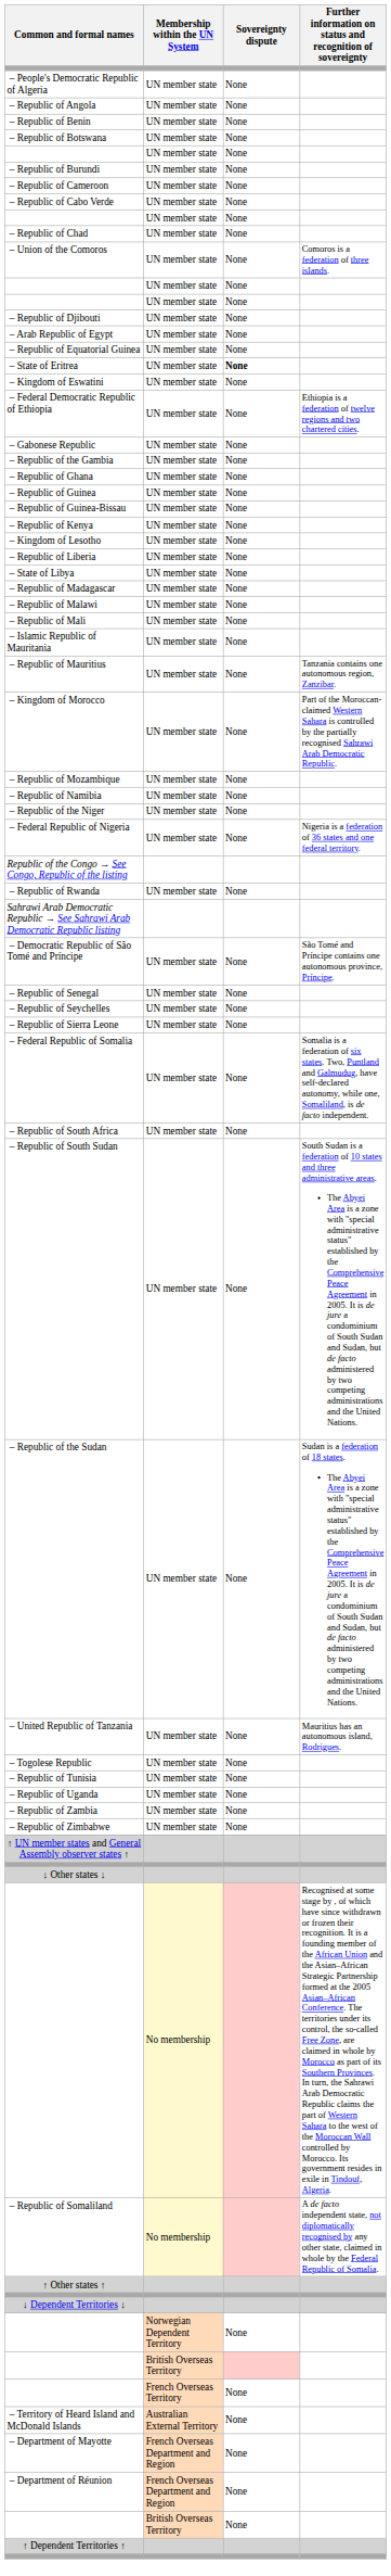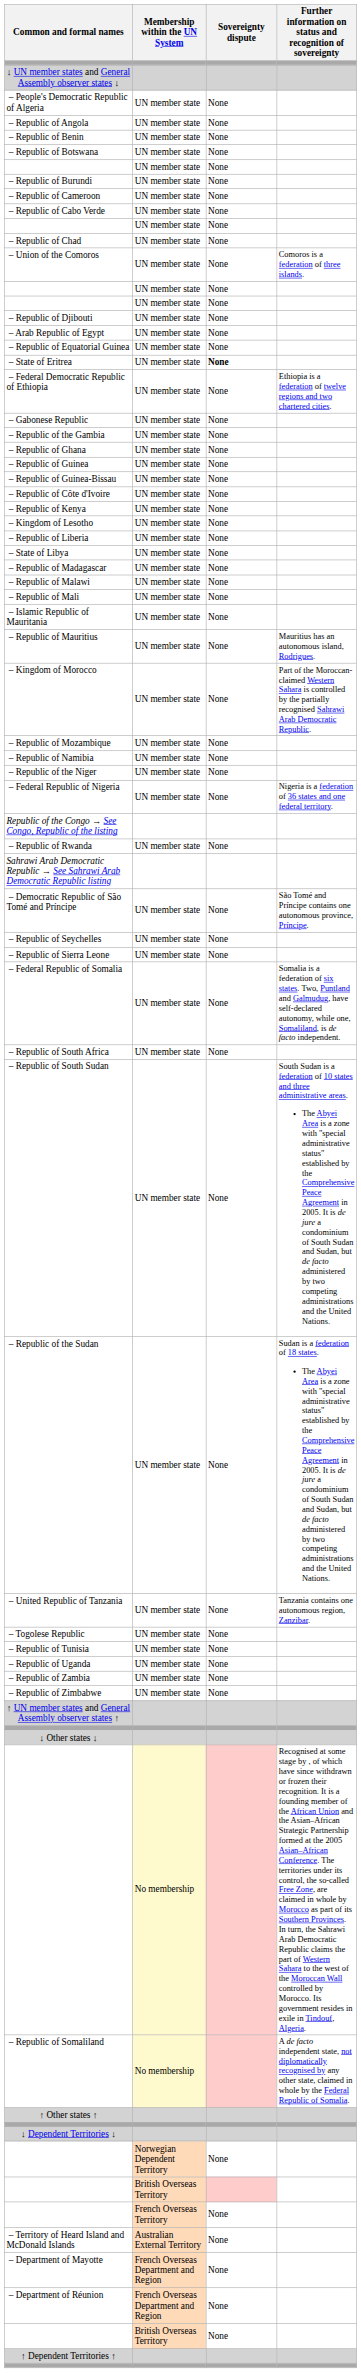 <table class="sortable wikitable" style="background:white;text-align:left;">
 <tr>
 <th style="width:325pt">Common and formal names</th>
 <th style="width:130pt;">Membership within the <a href='#'>UN System</a></th>
 <th style="width:130pt;">Sovereignty dispute</th>
 <th class="unsortable">Further information on status and recognition of sovereignty</th>
 </tr>
 <tr style="background:Darkgrey;">
 <td style="text-align:center;"></td>
 <td></td>
 <td></td>
 <td></td>
+</tr>
+<tr style="background:Lightgrey;">
+<td style="text-align:center;">↓ <a href='#'>UN member states</a> and <a href='#'>General Assembly observer states</a> ↓</td>
+<td></td>
+<td></td>
+<td><br></td>
 </tr>
 <tr>
 <td style="vertical-align:top;"><strong></strong> – People's Democratic Republic of Algeria</td>
 <td>UN member state</td>
 <td>None</td>
 <td style="vertical-align:top;text-align:left;font-size:90%;"></td>
 </tr>
 <tr>
 <td style="vertical-align:top;"><strong></strong> – Republic of Angola</td>
 <td>UN member state</td>
 <td>None</td>
 <td style="vertical-align:top;text-align:left;font-size:90%;"></td>
 </tr>
 <tr>
 <td style="vertical-align:top;"><strong></strong> – Republic of Benin</td>
 <td>UN member state</td>
 <td>None</td>
 <td style="vertical-align:top;text-align:left;font-size:90%;"></td>
 </tr>
 <tr>
 <td style="vertical-align:top;"><strong></strong> – Republic of Botswana</td>
 <td>UN member state</td>
 <td>None</td>
 <td style="vertical-align:top;text-align:left;font-size:90%;"></td>
 </tr>
 <tr>
 <td style="vertical-align:top;"><strong></strong></td>
 <td>UN member state</td>
 <td>None</td>
 <td style="vertical-align:top;text-align:left;font-size:90%;"></td>
 </tr>
 <tr>
 <td style="vertical-align:top;"><strong></strong> – Republic of Burundi</td>
 <td>UN member state</td>
 <td>None</td>
 <td style="vertical-align:top;text-align:left;font-size:90%;"></td>
 </tr>
 <tr>
 <td style="vertical-align:top;"><strong></strong> – Republic of Cameroon</td>
 <td>UN member state</td>
 <td>None</td>
 <td style="vertical-align:top;text-align:left;font-size:90%;"></td>
 </tr>
 <tr>
 <td style="vertical-align:top;"><strong></strong> – Republic of Cabo Verde</td>
 <td>UN member state</td>
 <td>None</td>
 <td style="vertical-align:top;text-align:left;font-size:90%;"></td>
 </tr>
 <tr>
 <td style="vertical-align:top;"><strong></strong></td>
 <td>UN member state</td>
 <td>None</td>
 <td style="vertical-align:top;text-align:left;font-size:90%;"></td>
 </tr>
 <tr>
 <td style="vertical-align:top;"><strong></strong> – Republic of Chad</td>
 <td>UN member state</td>
 <td>None</td>
 <td style="vertical-align:top;text-align:left;font-size:90%;"></td>
 </tr>
 <tr>
 <td style="vertical-align:top;"><strong></strong> – Union of the Comoros</td>
 <td>UN member state</td>
 <td>None</td>
 <td style="vertical-align:top;text-align:left;font-size:90%;">Comoros is a <a href='#'>federation</a> of <a href='#'>three islands</a>.</td>
 </tr>
 <tr>
 <td style="vertical-align:top;"><strong></strong></td>
 <td>UN member state</td>
 <td>None</td>
 <td style="vertical-align:top;text-align:left;font-size:90%;"></td>
 </tr>
 <tr>
 <td style="vertical-align:top;"><strong></strong></td>
 <td>UN member state</td>
 <td>None</td>
 <td style="vertical-align:top;text-align:left;font-size:90%;"></td>
 </tr>
 <tr>
 <td style="vertical-align:top;"><strong></strong> – Republic of Djibouti</td>
 <td>UN member state</td>
 <td>None</td>
 <td style="vertical-align:top;text-align:left;font-size:90%;"></td>
 </tr>
 <tr>
 <td style="vertical-align:top;"><strong></strong> – Arab Republic of Egypt</td>
 <td>UN member state</td>
 <td>None</td>
 <td style="vertical-align:top;text-align:left;font-size:90%;"></td>
 </tr>
 <tr>
 <td style="vertical-align:top;"><strong></strong> – Republic of Equatorial Guinea</td>
 <td>UN member state</td>
 <td>None</td>
 <td style="vertical-align:top;text-align:left;font-size:90%;"></td>
 </tr>
 <tr>
 <td style="vertical-align:top;"><strong></strong> – State of Eritrea</td>
 <td>UN member state</td>
 <td><strong>None</strong></td>
 <td style="vertical-align:top;text-align:left;font-size:90%;"></td>
 </tr>
 <tr>
-<td style="vertical-align:top;"><strong></strong> – Kingdom of Eswatini</td>
-<td>UN member state</td>
-<td>None</td>
-<td style="vertical-align:top;text-align:left;font-size:90%;"></td>
-</tr>
-<tr>
 <td style="vertical-align:top;"><strong></strong> – Federal Democratic Republic of Ethiopia</td>
 <td>UN member state</td>
 <td>None</td>
 <td style="vertical-align:top;text-align:left;font-size:90%;">Ethiopia is a <a href='#'>federation</a> of <a href='#'>twelve regions and two chartered cities</a>.<br></td>
 </tr>
 <tr>
 <td style="vertical-align:top;"><strong></strong> – Gabonese Republic</td>
 <td>UN member state</td>
 <td>None</td>
 <td style="vertical-align:top;text-align:left;font-size:90%;"></td>
 </tr>
 <tr>
 <td style="vertical-align:top;"> <strong></strong> – Republic of the Gambia</td>
 <td>UN member state</td>
 <td>None</td>
 <td style="vertical-align:top;text-align:left;font-size:90%;"></td>
 </tr>
 <tr>
 <td style="vertical-align:top;"><strong></strong> – Republic of Ghana</td>
 <td>UN member state</td>
 <td>None</td>
 <td style="vertical-align:top;text-align:left;font-size:90%;"></td>
 </tr>
 <tr>
 <td style="vertical-align:top;"><strong></strong> – Republic of Guinea</td>
 <td>UN member state</td>
 <td>None</td>
 <td style="vertical-align:top;text-align:left;font-size:90%;"></td>
 </tr>
 <tr>
 <td style="vertical-align:top;"><strong></strong> – Republic of Guinea-Bissau</td>
+<td>UN member state</td>
+<td>None</td>
+<td style="vertical-align:top;text-align:left;font-size:90%;"></td>
+</tr>
+<tr>
+<td style="vertical-align:top;"><strong></strong> – Republic of Côte d'Ivoire</td>
 <td>UN member state</td>
 <td>None</td>
 <td style="vertical-align:top;text-align:left;font-size:90%;"></td>
 </tr>
 <tr>
 <td style="vertical-align:top;"><strong></strong> – Republic of Kenya</td>
 <td>UN member state</td>
 <td>None</td>
 <td style="vertical-align:top;text-align:left;font-size:90%;"></td>
 </tr>
 <tr>
 <td style="vertical-align:top;"><strong></strong> – Kingdom of Lesotho</td>
 <td>UN member state</td>
 <td>None</td>
 <td style="vertical-align:top;text-align:left;font-size:90%;"></td>
 </tr>
 <tr>
 <td style="vertical-align:top;"><strong></strong> – Republic of Liberia</td>
 <td>UN member state</td>
 <td>None</td>
 <td style="vertical-align:top;text-align:left;font-size:90%;"></td>
 </tr>
 <tr>
 <td style="vertical-align:top;"><strong></strong> – State of Libya</td>
 <td>UN member state</td>
 <td>None</td>
 <td style="vertical-align:top;text-align:left;font-size:90%;"></td>
 </tr>
 <tr>
 <td style="vertical-align:top;"><strong></strong> – Republic of Madagascar</td>
 <td>UN member state</td>
 <td>None</td>
 <td style="vertical-align:top;text-align:left;font-size:90%;"></td>
 </tr>
 <tr>
 <td style="vertical-align:top;"><strong></strong> – Republic of Malawi</td>
 <td>UN member state</td>
 <td>None</td>
 <td style="vertical-align:top;text-align:left;font-size:90%;"></td>
 </tr>
 <tr>
 <td style="vertical-align:top;"><strong></strong> – Republic of Mali</td>
 <td>UN member state</td>
 <td>None</td>
 <td style="vertical-align:top;text-align:left;font-size:90%;"></td>
 </tr>
 <tr>
 <td style="vertical-align:top;"><strong></strong> – Islamic Republic of Mauritania</td>
 <td>UN member state</td>
 <td>None</td>
 <td style="vertical-align:top;text-align:left;font-size:90%;"></td>
 </tr>
 <tr>
 <td style="vertical-align:top;"><strong></strong> – Republic of Mauritius</td>
 <td>UN member state</td>
 <td>None</td>
-<td style="vertical-align:top;text-align:left;font-size:90%;">Tanzania contains one autonomous region, <a href='#'>Zanzibar</a>.</td>
+<td style="vertical-align:top;text-align:left;font-size:90%;">Mauritius has an autonomous island, <a href='#'>Rodrigues</a>.</td>
 </tr>
 <tr>
 <td style="vertical-align:top;"><strong></strong> – Kingdom of Morocco</td>
 <td>UN member state</td>
 <td>None</td>
 <td style="vertical-align:top;text-align:left;font-size:90%;">Part of the Moroccan-claimed <a href='#'>Western Sahara</a> is controlled by the partially recognised <a href='#'>Sahrawi Arab Democratic Republic</a>.</td>
 </tr>
 <tr>
 <td style="vertical-align:top;"><strong></strong> – Republic of Mozambique</td>
 <td>UN member state</td>
 <td>None</td>
 <td style="vertical-align:top;text-align:left;font-size:90%;"></td>
 </tr>
 <tr>
 <td style="vertical-align:top;"><strong></strong> – Republic of Namibia</td>
 <td>UN member state</td>
 <td>None</td>
 <td style="vertical-align:top;text-align:left;font-size:90%;"></td>
 </tr>
 <tr>
 <td style="vertical-align:top;"><strong></strong> – Republic of the Niger</td>
 <td>UN member state</td>
 <td>None</td>
 <td style="vertical-align:top;text-align:left;font-size:90%;"></td>
 </tr>
 <tr>
 <td style="vertical-align:top;"><strong></strong> – Federal Republic of Nigeria</td>
 <td>UN member state</td>
 <td>None</td>
 <td style="vertical-align:top;text-align:left;font-size:90%;">Nigeria is a <a href='#'>federation</a> of <a href='#'>36 states and one federal territory</a>.</td>
 </tr>
 <tr>
 <td style="vertical-align:top;"><em>Republic of the Congo → <a href='#'>See Congo, Republic of the listing</a></em></td>
 <td></td>
 <td></td>
 <td style="vertical-align:top;text-align:left;font-size:90%;"></td>
 </tr>
 <tr>
 <td style="vertical-align:top;"><strong></strong> – Republic of Rwanda</td>
 <td>UN member state</td>
 <td>None</td>
 <td style="vertical-align:top;text-align:left;font-size:90%;"></td>
 </tr>
 <tr>
 <td style="vertical-align:top;"><em>Sahrawi Arab Democratic Republic → <a href='#'>See Sahrawi Arab Democratic Republic listing</a></em></td>
 <td></td>
 <td></td>
 <td style="vertical-align:top;text-align:left;font-size:90%;"></td>
 </tr>
 <tr>
 <td style="vertical-align:top;"><strong></strong> – Democratic Republic of São Tomé and Príncipe</td>
 <td>UN member state</td>
 <td>None</td>
 <td style="vertical-align:top;text-align:left;font-size:90%;">São Tomé and Príncipe contains one autonomous province, <a href='#'>Príncipe</a>.<br> </td>
 </tr>
 <tr>
-<td style="vertical-align:top;"><strong></strong> – Republic of Senegal</td>
-<td>UN member state</td>
-<td>None</td>
-<td style="vertical-align:top;text-align:left;font-size:90%;"></td>
-</tr>
-<tr>
 <td style="vertical-align:top;"><strong></strong> – Republic of Seychelles</td>
 <td>UN member state</td>
 <td>None</td>
 <td style="vertical-align:top;text-align:left;font-size:90%;"></td>
 </tr>
 <tr>
 <td style="vertical-align:top;"><strong></strong> – Republic of Sierra Leone</td>
 <td>UN member state</td>
 <td>None</td>
 <td style="vertical-align:top;text-align:left;font-size:90%;"></td>
 </tr>
 <tr>
 <td style="vertical-align:top;"><strong></strong> – Federal Republic of Somalia</td>
 <td>UN member state</td>
 <td>None</td>
 <td style="vertical-align:top;text-align:left;font-size:90%;">Somalia is a federation of <a href='#'>six states</a>. Two, <a href='#'>Puntland</a> and <a href='#'>Galmudug</a>, have self-declared autonomy, while one, <a href='#'>Somaliland</a>, is <em>de facto</em> independent.</td>
 </tr>
 <tr>
 <td style="vertical-align:top;"><strong></strong> – Republic of South Africa</td>
 <td>UN member state</td>
 <td>None</td>
 <td style="vertical-align:top;text-align:left;font-size:90%;"></td>
 </tr>
 <tr>
 <td style="vertical-align:top;"><strong></strong> – Republic of South Sudan</td>
 <td>UN member state</td>
 <td>None</td>
 <td style="vertical-align:top;text-align:left;font-size:90%;">South Sudan is a <a href='#'>federation</a> of <a href='#'>10 states and three administrative areas</a>.<br><ul><li>The <a href='#'>Abyei Area</a> is a zone with "special administrative status" established by the <a href='#'>Comprehensive Peace Agreement</a> in 2005. It is <em>de jure</em> a condominium of South Sudan and Sudan, but <em>de facto</em> administered by two competing administrations and the United Nations.</li></ul></td>
 </tr>
 <tr>
 <td style="vertical-align:top;"><strong></strong> – Republic of the Sudan</td>
 <td>UN member state</td>
 <td>None</td>
 <td style="vertical-align:top;text-align:left;font-size:90%;">Sudan is a <a href='#'>federation</a> of <a href='#'>18 states</a>.<br><ul><li>The <a href='#'>Abyei Area</a> is a zone with "special administrative status" established by the <a href='#'>Comprehensive Peace Agreement</a> in 2005. It is <em>de jure</em> a condominium of South Sudan and Sudan, but <em>de facto</em> administered by two competing administrations and the United Nations.</li></ul></td>
 </tr>
 <tr>
 <td style="vertical-align:top;"><strong></strong> – United Republic of Tanzania</td>
 <td>UN member state</td>
 <td>None</td>
-<td style="vertical-align:top;text-align:left;font-size:90%;">Mauritius has an autonomous island, <a href='#'>Rodrigues</a>.</td>
+<td style="vertical-align:top;text-align:left;font-size:90%;">Tanzania contains one autonomous region, <a href='#'>Zanzibar</a>.</td>
 </tr>
 <tr>
 <td style="vertical-align:top;"><strong></strong> – Togolese Republic</td>
 <td>UN member state</td>
 <td>None</td>
 <td style="vertical-align:top;text-align:left;font-size:90%;"></td>
 </tr>
 <tr>
 <td style="vertical-align:top;"><strong></strong> – Republic of Tunisia</td>
 <td>UN member state</td>
 <td>None</td>
 <td style="vertical-align:top;text-align:left;font-size:90%;"></td>
 </tr>
 <tr>
 <td style="vertical-align:top;"><strong></strong> – Republic of Uganda</td>
 <td>UN member state</td>
 <td>None</td>
 <td style="vertical-align:top;text-align:left;font-size:90%;"></td>
 </tr>
 <tr>
 <td style="vertical-align:top;"><strong></strong> – Republic of Zambia</td>
 <td>UN member state</td>
 <td>None</td>
 <td style="vertical-align:top;text-align:left;font-size:90%;"></td>
 </tr>
 <tr>
 <td style="vertical-align:top;"><strong></strong> – Republic of Zimbabwe</td>
 <td>UN member state</td>
 <td>None</td>
 <td style="vertical-align:top;text-align:left;font-size:90%;"></td>
 </tr>
 <tr style="background:Lightgrey;">
 <td style="text-align:center;">↑ <a href='#'>UN member states</a> and <a href='#'>General Assembly observer states</a> ↑</td>
 <td></td>
 <td></td>
 <td></td>
 </tr>
 <tr style="background:Darkgrey;">
 <td style="text-align:center;"></td>
 <td></td>
 <td></td>
 <td></td>
 </tr>
 <tr style="background:Lightgrey;">
 <td style="text-align:center;">↓ Other states ↓</td>
 <td></td>
 <td></td>
 <td></td>
 </tr>
 <tr>
 <td style="vertical-align:top;"><strong></strong></td>
 <td style="background:LemonChiffon;">No membership</td>
 <td style="background:#fcc;"></td>
 <td style="vertical-align:top;text-align:left;font-size:90%;">Recognised at some stage by ,  of which have since withdrawn or frozen their recognition. It is a founding member of the <a href='#'>African Union</a> and the Asian–African Strategic Partnership formed at the 2005 <a href='#'>Asian–African Conference</a>. The territories under its control, the so-called <a href='#'>Free Zone</a>, are claimed in whole by <a href='#'>Morocco</a> as part of its <a href='#'>Southern Provinces</a>. In turn, the Sahrawi Arab Democratic Republic claims the part of <a href='#'>Western Sahara</a> to the west of the <a href='#'>Moroccan Wall</a> controlled by Morocco. Its government resides in exile in <a href='#'>Tindouf</a>, <a href='#'>Algeria</a>.</td>
 </tr>
 <tr>
 <td style="vertical-align:top;"><strong></strong> – Republic of Somaliland</td>
 <td style="background:LemonChiffon;">No membership</td>
 <td style="background:#fcc;"></td>
 <td style="vertical-align:top;text-align:left;font-size:90%;">A <em>de facto</em> independent state, <a href='#'>not diplomatically recognised by</a> any other state, claimed in whole by the <a href='#'>Federal Republic of Somalia</a>.</td>
 </tr>
 <tr style="background:Lightgrey;">
 <td style="text-align:center;">↑ Other states ↑</td>
 <td></td>
 <td></td>
 <td></td>
 </tr>
 <tr style="background:Darkgrey;">
 <td style="text-align:center;"></td>
 <td></td>
 <td></td>
 <td></td>
 </tr>
 <tr style="background:Lightgrey;">
 <td style="text-align:center;">↓ <a href='#'>Dependent Territories</a> ↓</td>
 <td></td>
 <td></td>
 <td></td>
 </tr>
 <tr>
 <td style="vertical-align:top;"><strong></strong></td>
 <td style="background:PeachPuff;">Norwegian Dependent Territory</td>
 <td>None</td>
 <td style="vertical-align:top;text-align:left;font-size:90%;"></td>
 </tr>
 <tr>
 <td style="vertical-align:top;"><strong></strong></td>
 <td style="background:PeachPuff;">British Overseas Territory</td>
 <td style="background:#fcc;"></td>
 <td style="vertical-align:top;text-align:left;font-size:90%;"></td>
 </tr>
 <tr>
 <td style="vertical-align:top;"><strong></strong></td>
 <td style="background:PeachPuff;">French Overseas Territory</td>
 <td>None</td>
 <td style="vertical-align:top;text-align:left;font-size:90%;"></td>
 </tr>
 <tr>
 <td style="vertical-align:top;"><strong></strong> – Territory of Heard Island and McDonald Islands</td>
 <td style="background:PeachPuff;">Australian External Territory</td>
 <td>None</td>
 <td style="vertical-align:top;text-align:left;font-size:90%;"></td>
 </tr>
 <tr>
 <td style="vertical-align:top;"><strong></strong> – Department of Mayotte</td>
 <td style="background:PeachPuff;">French Overseas Department and Region</td>
 <td>None</td>
 <td style="vertical-align:top;text-align:left;font-size:90%;"></td>
 </tr>
 <tr>
 <td style="vertical-align:top;"><strong></strong> – Department of Réunion</td>
 <td style="background:PeachPuff;">French Overseas Department and Region</td>
 <td>None</td>
 <td style="vertical-align:top;text-align:left;font-size:90%;"></td>
 </tr>
 <tr>
 <td style="vertical-align:top;"><strong></strong></td>
 <td style="background:PeachPuff;">British Overseas Territory</td>
 <td>None</td>
 <td style="vertical-align:top;text-align:left;font-size:90%;"></td>
 </tr>
 <tr style="background:Lightgrey;">
 <td style="text-align:center;">↑ Dependent Territories ↑</td>
 <td></td>
 <td></td>
 <td></td>
 </tr>
 <tr style="background:Darkgrey;">
 <td style="text-align:center;"></td>
 <td></td>
 <td></td>
 <td></td>
 </tr>
 </table>
